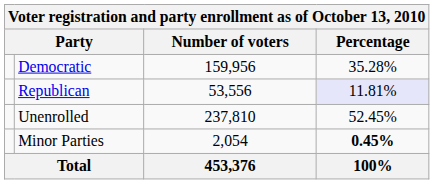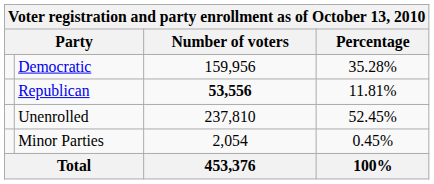 <table class=wikitable>
 <tr>
 <th colspan = 6>Voter registration and party enrollment as of October 13, 2010</th>
 </tr>
 <tr>
 <th colspan = 2>Party</th>
 <th>Number of voters</th>
 <th>Percentage</th>
 </tr>
 <tr>
 <td></td>
 <td><a href='#'>Democratic</a></td>
 <td align = center>159,956</td>
 <td align = center>35.28%</td>
 </tr>
 <tr>
 <td></td>
 <td><a href='#'>Republican</a></td>
-<td align = center>53,556</td>
-<td align = center style="background: lavender;">11.81%</td>
+<td align = center><strong>53,556</strong></td>
+<td align = center>11.81%</td>
 </tr>
 <tr>
 <td></td>
 <td>Unenrolled</td>
 <td align = center>237,810</td>
 <td align = center>52.45%</td>
 </tr>
 <tr>
 <td></td>
 <td>Minor Parties</td>
 <td align = center>2,054</td>
-<td align = center><strong>0.45%</strong></td>
+<td align = center>0.45%</td>
 </tr>
 <tr>
 <th colspan = 2>Total</th>
 <th align = center>453,376</th>
 <th align = center>100%</th>
 </tr>
 </table>
